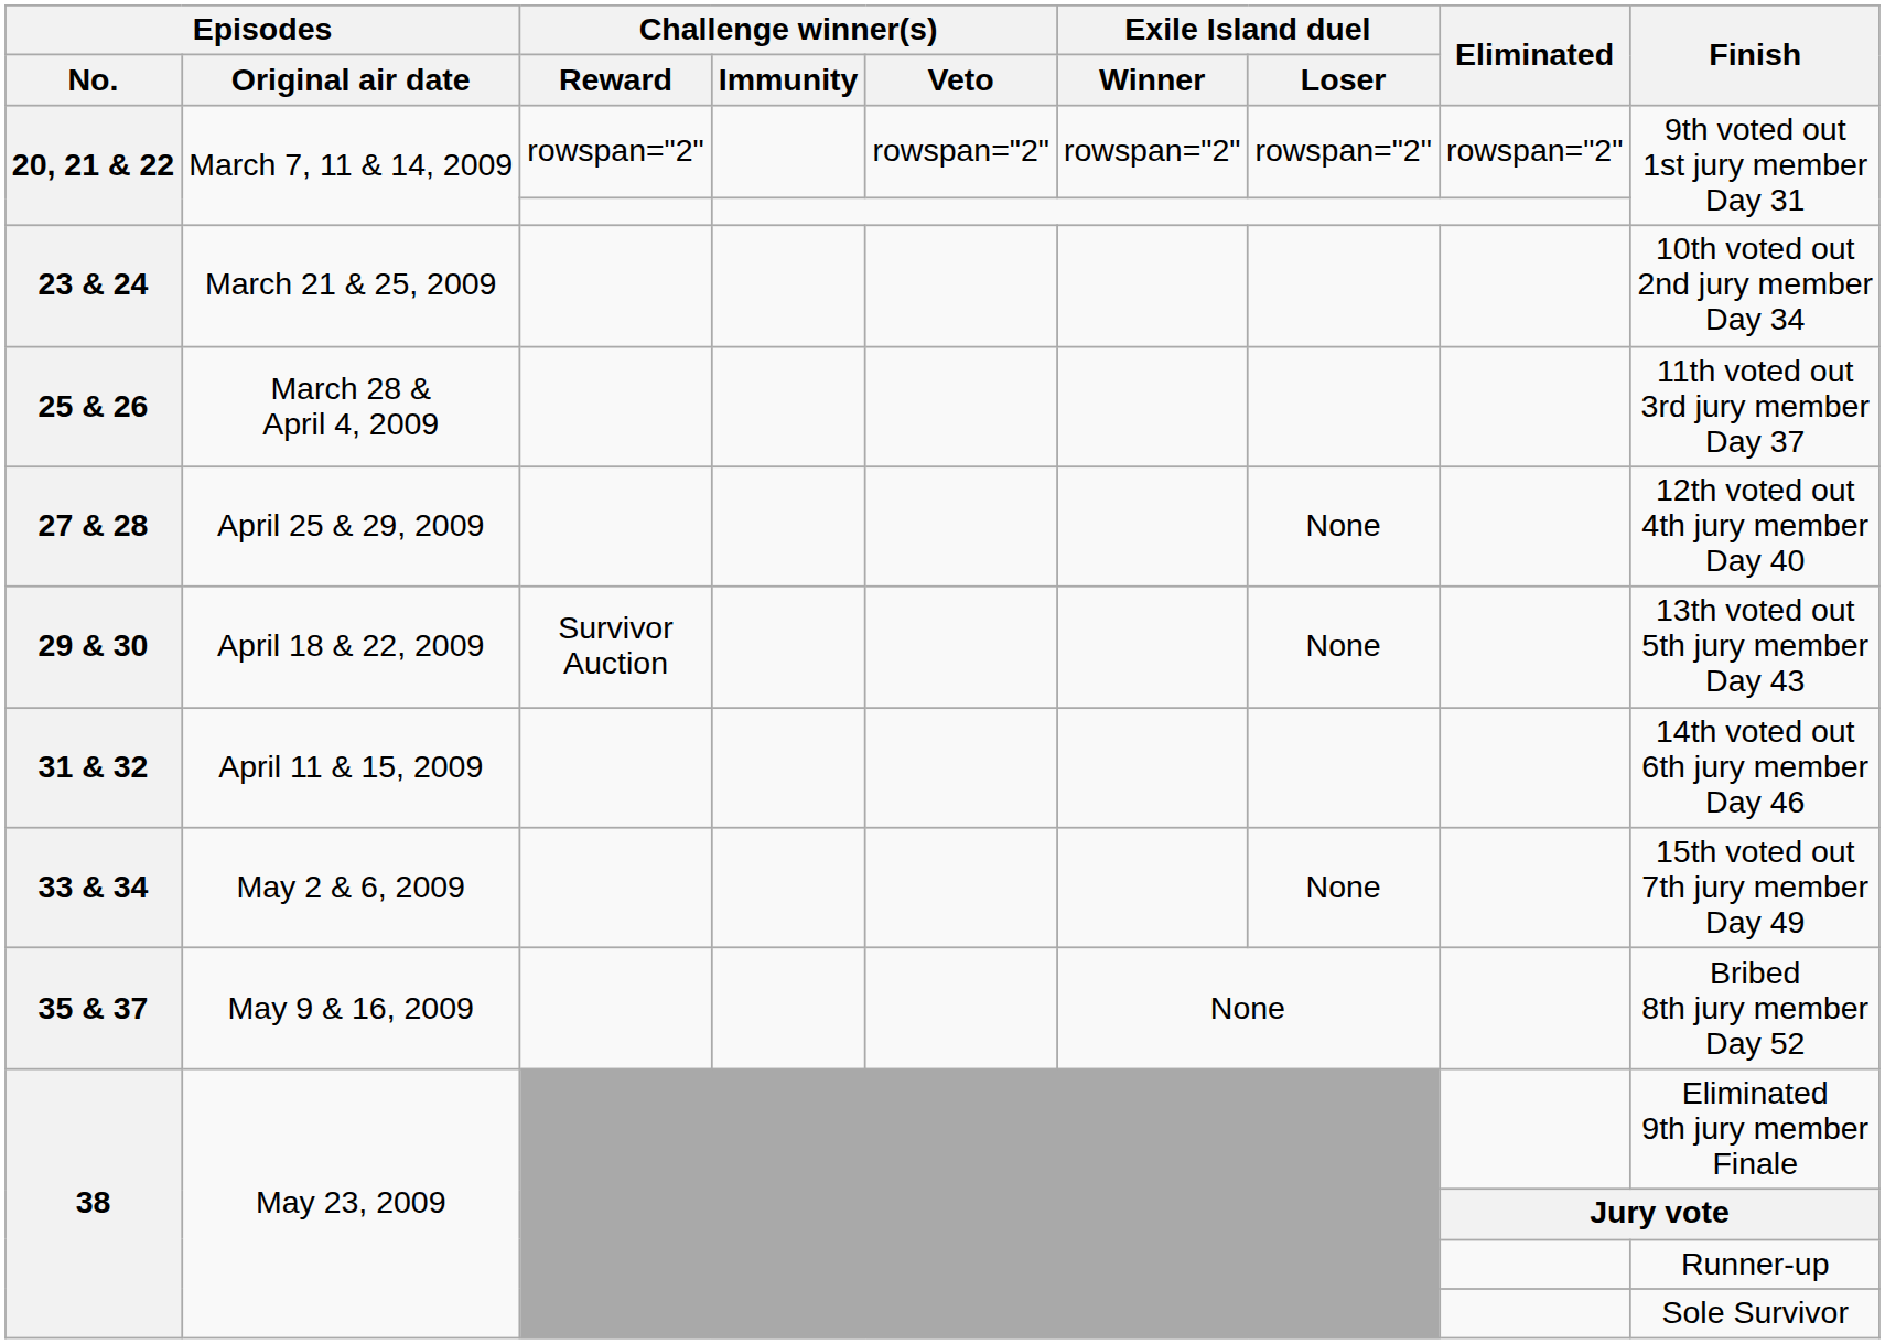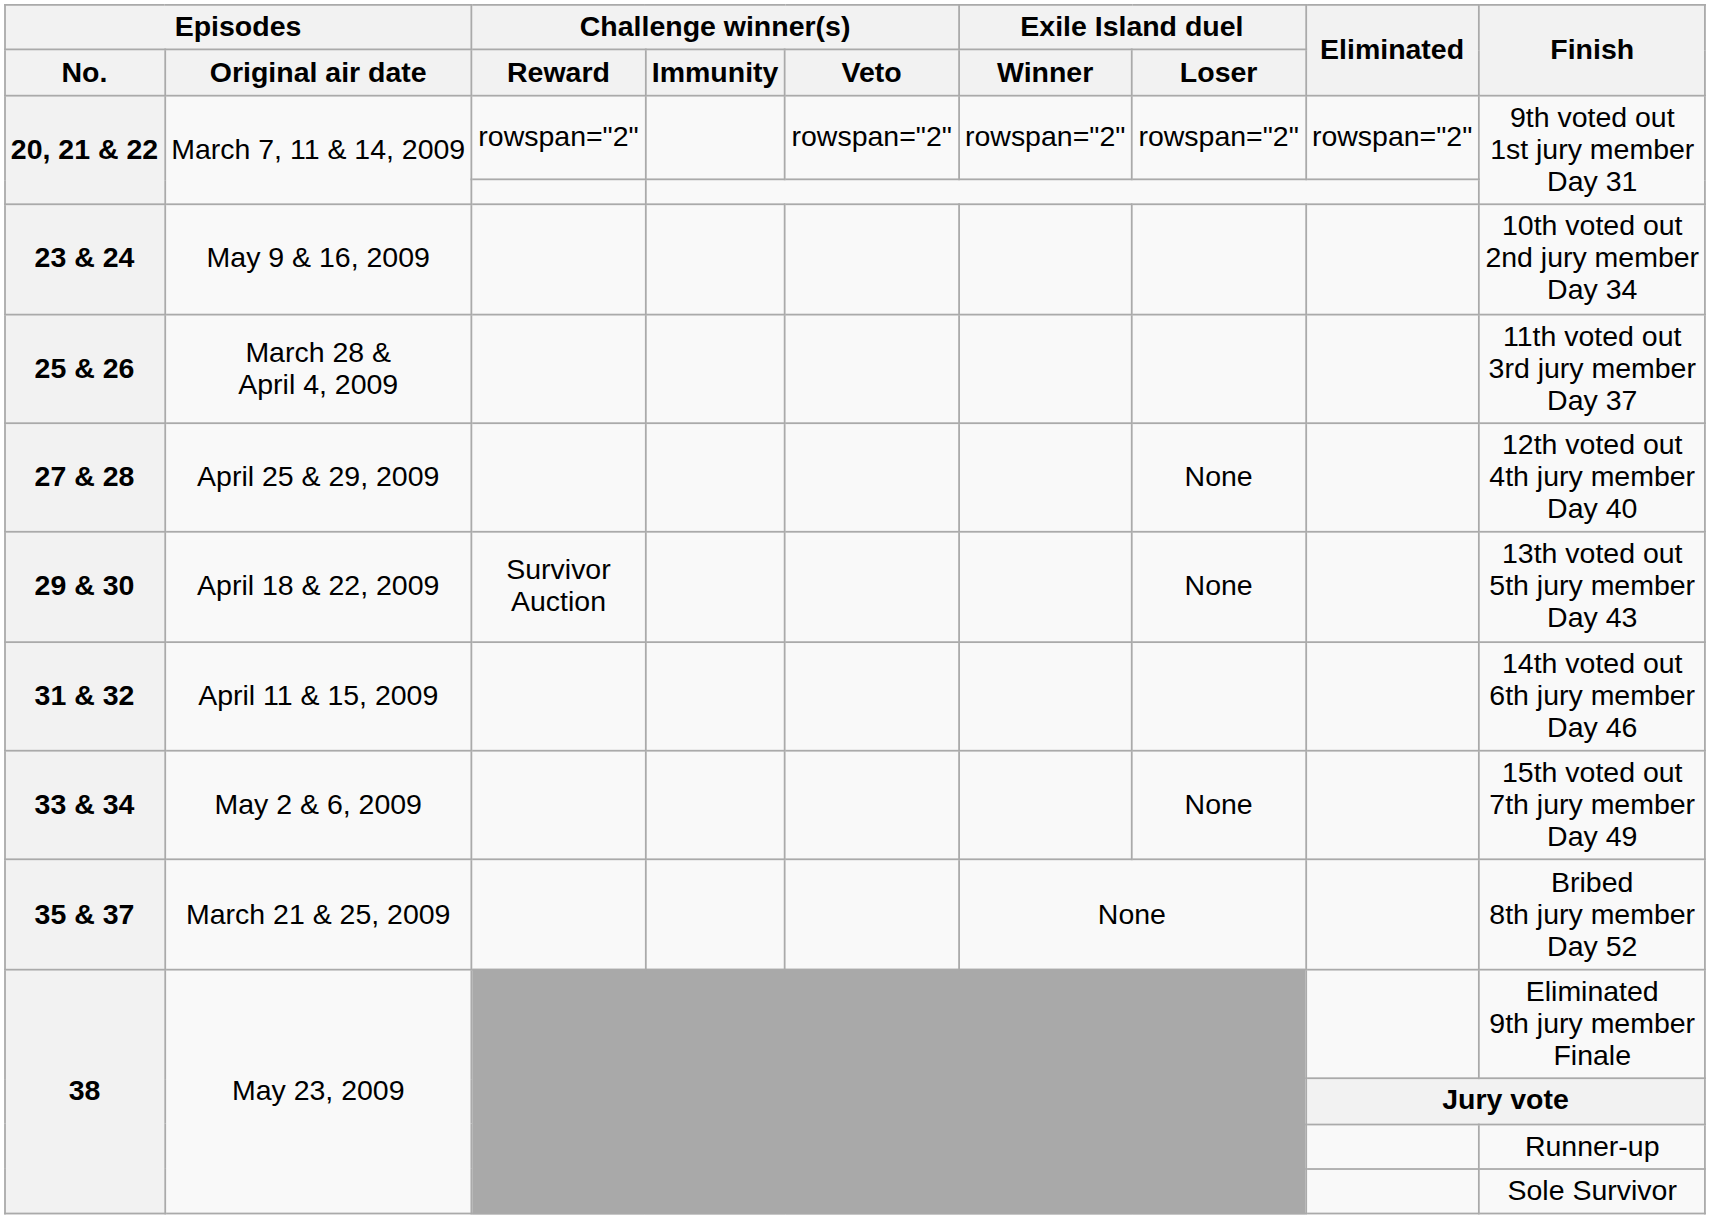 <table class="wikitable nowrap" style="margin:auto; text-align:center">
 <tr>
 <th colspan="2">Episodes</th>
 <th colspan="3">Challenge winner(s)</th>
 <th colspan="2">Exile Island duel</th>
 <th rowspan="2">Eliminated</th>
 <th rowspan="2">Finish</th>
 </tr>
 <tr>
 <th>No.</th>
 <th>Original air date</th>
 <th>Reward</th>
 <th>Immunity</th>
 <th>Veto</th>
 <th>Winner</th>
 <th>Loser</th>
 </tr>
 <tr>
 <th rowspan="2">20, 21 & 22</th>
 <td rowspan="2">March 7, 11 & 14, 2009</td>
 <td>rowspan="2" </td>
 <td></td>
 <td>rowspan="2" </td>
 <td>rowspan="2" </td>
 <td>rowspan="2" </td>
 <td>rowspan="2" </td>
 <td rowspan="2">9th voted out<br>1st jury member<br>Day 31</td>
 </tr>
 <tr>
 <td></td>
 </tr>
 <tr>
 <th>23 & 24</th>
-<td>March 21 & 25, 2009</td>
+<td>May 9 & 16, 2009</td>
 <td></td>
 <td></td>
 <td></td>
 <td></td>
 <td></td>
 <td></td>
 <td>10th voted out<br>2nd jury member<br>Day 34</td>
 </tr>
 <tr>
 <th>25 & 26</th>
 <td>March 28 &<br>April 4, 2009</td>
 <td></td>
 <td></td>
 <td></td>
 <td></td>
 <td></td>
 <td></td>
 <td>11th voted out<br>3rd jury member<br>Day 37</td>
 </tr>
 <tr>
 <th>27 & 28</th>
 <td>April 25 & 29, 2009</td>
 <td></td>
 <td></td>
 <td></td>
 <td></td>
 <td>None</td>
 <td></td>
 <td>12th voted out<br>4th jury member<br>Day 40</td>
 </tr>
 <tr>
 <th>29 & 30</th>
 <td>April 18 & 22, 2009</td>
 <td>Survivor<br>Auction</td>
 <td></td>
 <td></td>
 <td></td>
 <td>None</td>
 <td></td>
 <td>13th voted out<br>5th jury member<br>Day 43</td>
 </tr>
 <tr>
 <th>31 & 32</th>
 <td>April 11 & 15, 2009</td>
 <td></td>
 <td></td>
 <td></td>
 <td></td>
 <td></td>
 <td></td>
 <td>14th voted out<br>6th jury member<br>Day 46</td>
 </tr>
 <tr>
 <th>33 & 34</th>
 <td>May 2 & 6, 2009</td>
 <td></td>
 <td></td>
 <td></td>
 <td></td>
 <td>None</td>
 <td></td>
 <td>15th voted out<br>7th jury member<br>Day 49</td>
 </tr>
 <tr>
 <th>35 & 37</th>
-<td>May 9 & 16, 2009</td>
+<td>March 21 & 25, 2009</td>
 <td></td>
 <td></td>
 <td></td>
 <td colspan="2">None</td>
 <td></td>
 <td>Bribed<br>8th jury member<br>Day 52</td>
 </tr>
 <tr>
 <th rowspan="4">38</th>
 <td rowspan="4">May 23, 2009</td>
 <td colspan="5" rowspan="4" bgcolor=darkgrey></td>
 <td></td>
 <td>Eliminated<br>9th jury member<br>Finale</td>
 </tr>
 <tr>
 <th colspan="2">Jury vote</th>
 </tr>
 <tr>
 <td></td>
 <td>Runner-up</td>
 </tr>
 <tr>
 <td></td>
 <td>Sole Survivor</td>
 </tr>
 </table>
